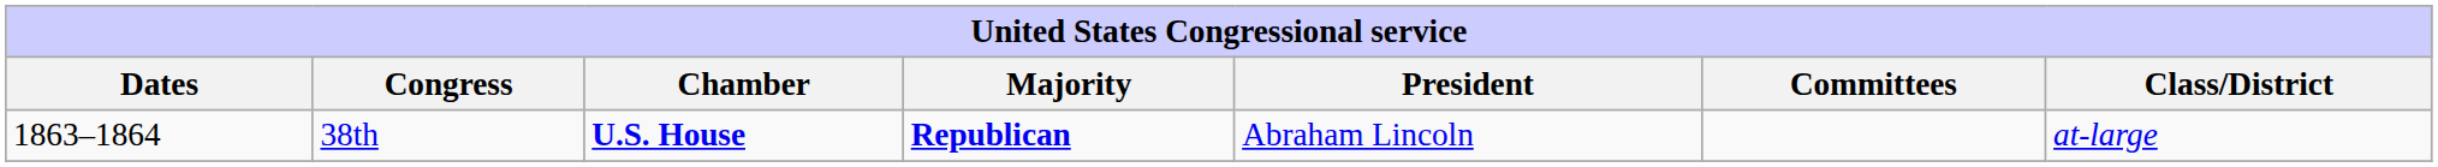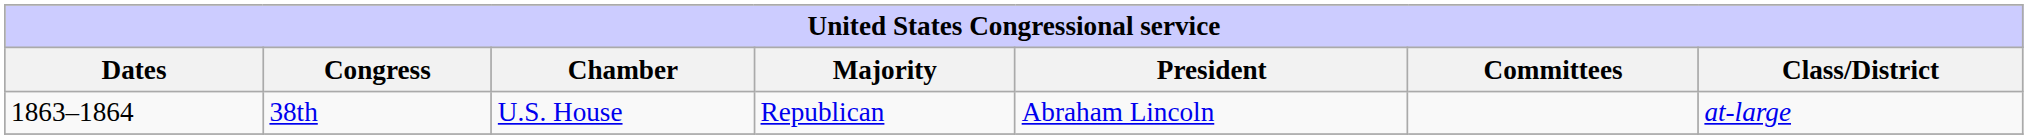 <table class=wikitable style="width: 94%" style="text-align: center;" align="center">
 <tr bgcolor=#cccccc>
 <th colspan=7 style="background: #ccccff;">United States Congressional service</th>
 </tr>
 <tr>
 <th><strong>Dates</strong></th>
 <th><strong>Congress</strong></th>
 <th><strong>Chamber</strong></th>
 <th><strong>Majority</strong></th>
 <th><strong>President</strong></th>
 <th><strong>Committees</strong></th>
 <th><strong>Class/District</strong></th>
 </tr>
 <tr>
 <td>1863–1864</td>
 <td><a href='#'>38th</a></td>
-<td><strong><a href='#'>U.S. House</a></strong></td>
-<td><strong><a href='#'>Republican</a></strong></td>
+<td><a href='#'>U.S. House</a></td>
+<td><a href='#'>Republican</a></td>
 <td><a href='#'>Abraham Lincoln</a></td>
 <td></td>
 <td><a href='#'><em>at-large</em></a></td>
 </tr>
 </table>
